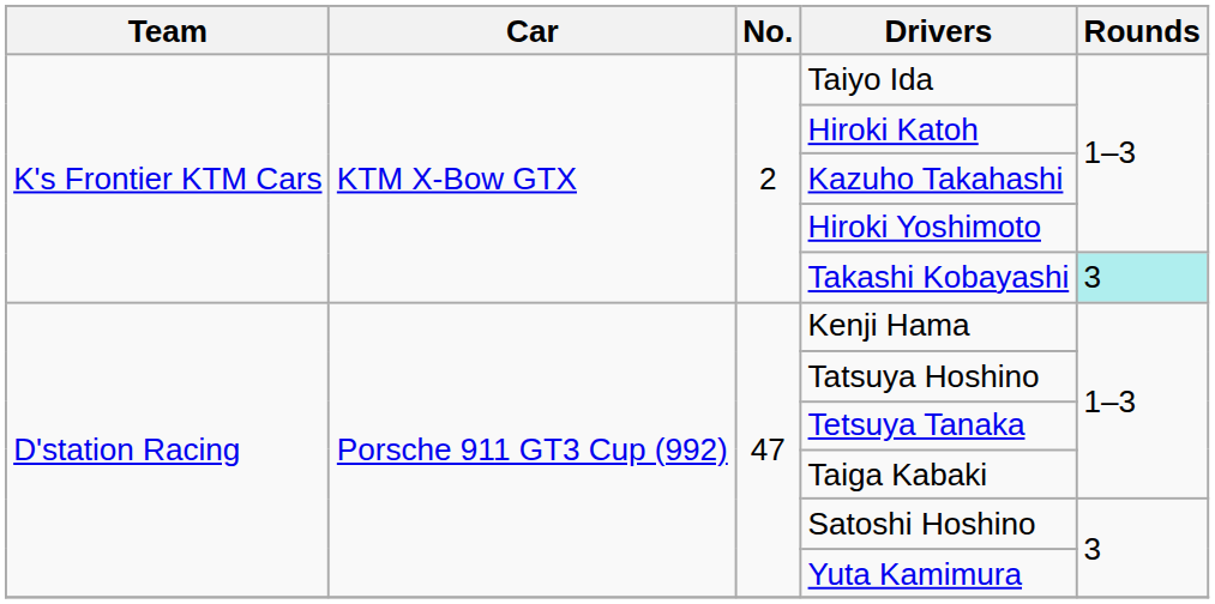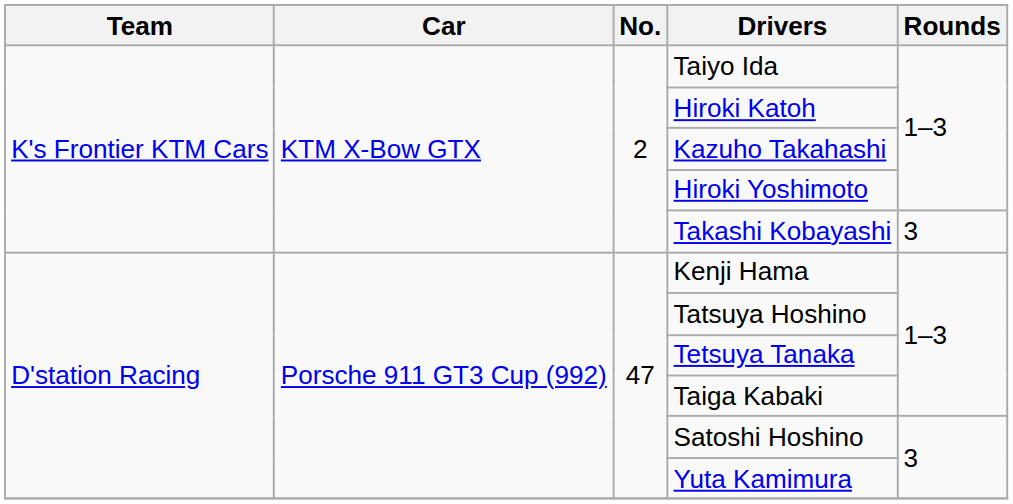 <table class="wikitable" style="font-size: 85%">
 <tr>
 <th>Team</th>
 <th>Car</th>
 <th>No.</th>
 <th>Drivers</th>
 <th>Rounds</th>
 </tr>
 <tr>
 <td rowspan="5"> <a href='#'>K's Frontier KTM Cars</a></td>
 <td rowspan="5"><a href='#'>KTM X-Bow GTX</a></td>
 <td align="center" rowspan="5">2</td>
 <td> Taiyo Ida</td>
 <td rowspan="4">1–3</td>
 </tr>
 <tr>
 <td> <a href='#'>Hiroki Katoh</a></td>
 </tr>
 <tr>
 <td> <a href='#'>Kazuho Takahashi</a></td>
 </tr>
 <tr>
 <td> <a href='#'>Hiroki Yoshimoto</a></td>
 </tr>
 <tr>
 <td> <a href='#'>Takashi Kobayashi</a></td>
-<td style="background: paleturquoise;">3</td>
+<td>3</td>
 </tr>
 <tr>
 <td rowspan="6"> <a href='#'>D'station Racing</a></td>
 <td rowspan="6"><a href='#'>Porsche 911 GT3 Cup (992)</a></td>
 <td align="center" rowspan="6">47</td>
 <td> Kenji Hama</td>
 <td rowspan="4">1–3</td>
 </tr>
 <tr>
 <td> Tatsuya Hoshino</td>
 </tr>
 <tr>
 <td> <a href='#'>Tetsuya Tanaka</a></td>
 </tr>
 <tr>
 <td> Taiga Kabaki</td>
 </tr>
 <tr>
 <td> Satoshi Hoshino</td>
 <td rowspan="2">3</td>
 </tr>
 <tr>
 <td> <a href='#'>Yuta Kamimura</a></td>
 </tr>
 <tr>
 </tr>
 </table>
